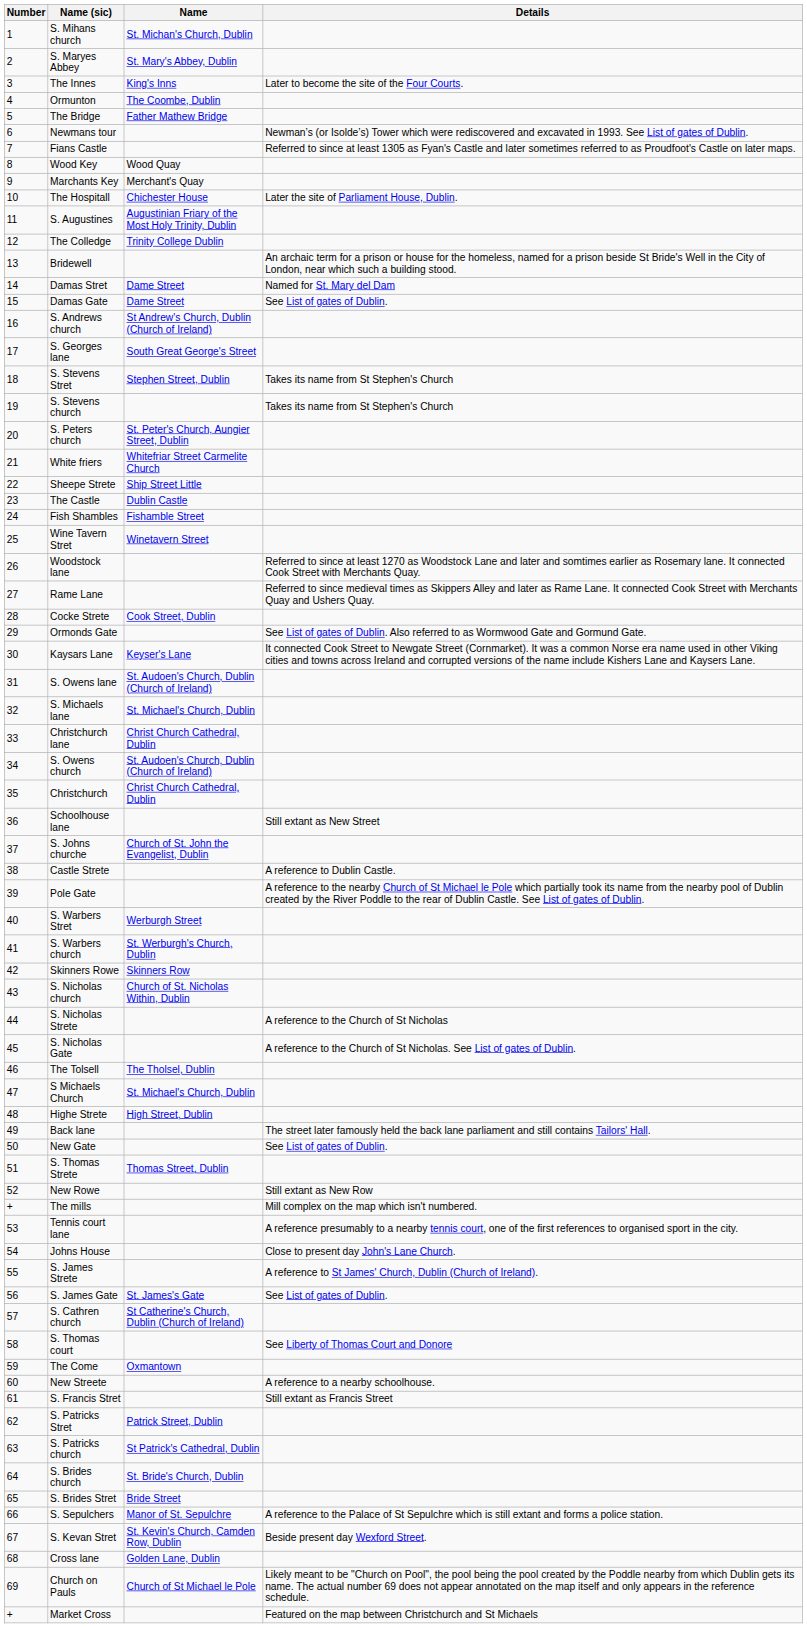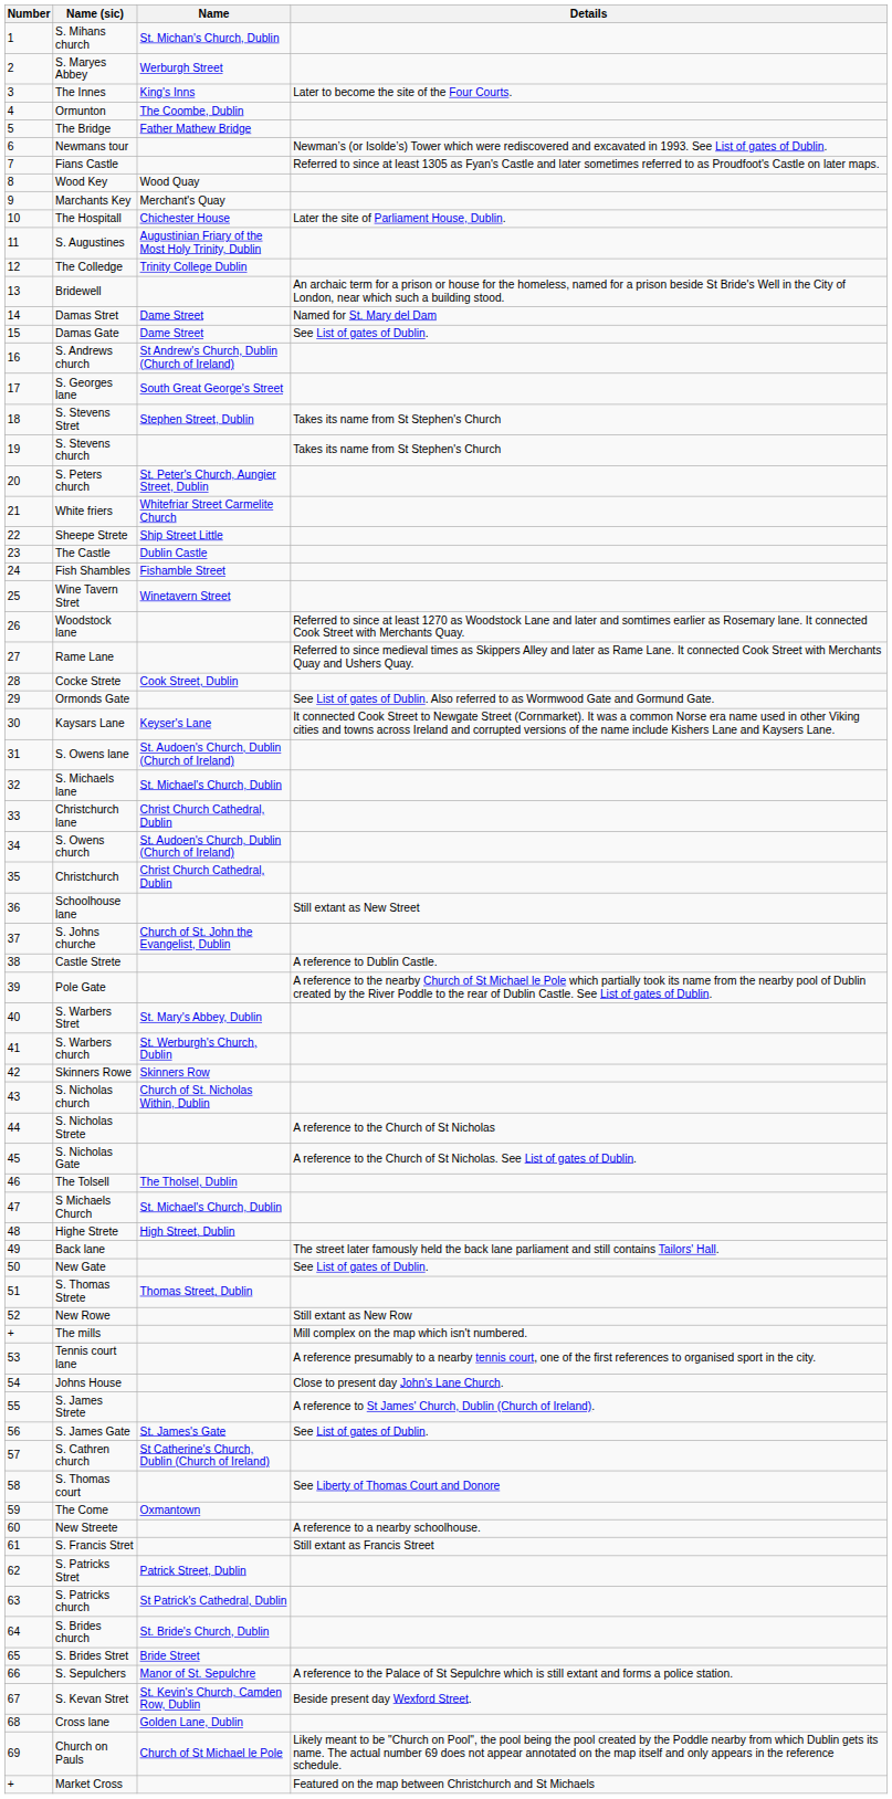 <table class="wikitable sortable">
 <tr>
 <th>Number</th>
 <th>Name (sic)</th>
 <th>Name</th>
 <th>Details</th>
 </tr>
 <tr>
 <td>1</td>
 <td>S. Mihans church</td>
 <td><a href='#'>St. Michan's Church, Dublin</a></td>
 <td></td>
 </tr>
 <tr>
 <td>2</td>
 <td>S. Maryes Abbey</td>
-<td><a href='#'>St. Mary's Abbey, Dublin</a></td>
+<td><a href='#'>Werburgh Street</a></td>
 <td></td>
 </tr>
 <tr>
 <td>3</td>
 <td>The Innes</td>
 <td><a href='#'>King's Inns</a></td>
 <td>Later to become the site of the <a href='#'>Four Courts</a>.</td>
 </tr>
 <tr>
 <td>4</td>
 <td>Ormunton</td>
 <td><a href='#'>The Coombe, Dublin</a></td>
 <td></td>
 </tr>
 <tr>
 <td>5</td>
 <td>The Bridge</td>
 <td><a href='#'>Father Mathew Bridge</a></td>
 <td></td>
 </tr>
 <tr>
 <td>6</td>
 <td>Newmans tour</td>
 <td></td>
 <td>Newman’s (or Isolde’s) Tower which were rediscovered and excavated in 1993. See <a href='#'>List of gates of Dublin</a>.</td>
 </tr>
 <tr>
 <td>7</td>
 <td>Fians Castle</td>
 <td></td>
 <td>Referred to since at least 1305 as Fyan's Castle and later sometimes referred to as Proudfoot's Castle on later maps.</td>
 </tr>
 <tr>
 <td>8</td>
 <td>Wood Key</td>
 <td>Wood Quay</td>
 <td></td>
 </tr>
 <tr>
 <td>9</td>
 <td>Marchants Key</td>
 <td>Merchant's Quay</td>
 <td></td>
 </tr>
 <tr>
 <td>10</td>
 <td>The Hospitall</td>
 <td><a href='#'>Chichester House</a></td>
 <td>Later the site of <a href='#'>Parliament House, Dublin</a>.</td>
 </tr>
 <tr>
 <td>11</td>
 <td>S. Augustines</td>
 <td><a href='#'>Augustinian Friary of the Most Holy Trinity, Dublin</a></td>
 <td></td>
 </tr>
 <tr>
 <td>12</td>
 <td>The Colledge</td>
 <td><a href='#'>Trinity College Dublin</a></td>
 <td></td>
 </tr>
 <tr>
 <td>13</td>
 <td>Bridewell</td>
 <td></td>
 <td>An archaic term for a prison or house for the homeless, named for a prison beside St Bride's Well in the City of London, near which such a building stood.</td>
 </tr>
 <tr>
 <td>14</td>
 <td>Damas Stret</td>
 <td><a href='#'>Dame Street</a></td>
 <td>Named for <a href='#'>St. Mary del Dam</a></td>
 </tr>
 <tr>
 <td>15</td>
 <td>Damas Gate</td>
 <td><a href='#'>Dame Street</a></td>
 <td>See <a href='#'>List of gates of Dublin</a>.</td>
 </tr>
 <tr>
 <td>16</td>
 <td>S. Andrews church</td>
 <td><a href='#'>St Andrew's Church, Dublin (Church of Ireland)</a></td>
 <td></td>
 </tr>
 <tr>
 <td>17</td>
 <td>S. Georges lane</td>
 <td><a href='#'>South Great George's Street</a></td>
 <td></td>
 </tr>
 <tr>
 <td>18</td>
 <td>S. Stevens Stret</td>
 <td><a href='#'>Stephen Street, Dublin</a></td>
 <td>Takes its name from St Stephen's Church</td>
 </tr>
 <tr>
 <td>19</td>
 <td>S. Stevens church</td>
 <td></td>
 <td>Takes its name from St Stephen's Church</td>
 </tr>
 <tr>
 <td>20</td>
 <td>S. Peters church</td>
 <td><a href='#'>St. Peter's Church, Aungier Street, Dublin</a></td>
 <td></td>
 </tr>
 <tr>
 <td>21</td>
 <td>White friers</td>
 <td><a href='#'>Whitefriar Street Carmelite Church</a></td>
 <td></td>
 </tr>
 <tr>
 <td>22</td>
 <td>Sheepe Strete</td>
 <td><a href='#'>Ship Street Little</a></td>
 <td></td>
 </tr>
 <tr>
 <td>23</td>
 <td>The Castle</td>
 <td><a href='#'>Dublin Castle</a></td>
 <td></td>
 </tr>
 <tr>
 <td>24</td>
 <td>Fish Shambles</td>
 <td><a href='#'>Fishamble Street</a></td>
 <td></td>
 </tr>
 <tr>
 <td>25</td>
 <td>Wine Tavern Stret</td>
 <td><a href='#'>Winetavern Street</a></td>
 <td></td>
 </tr>
 <tr>
 <td>26</td>
 <td>Woodstock lane</td>
 <td></td>
 <td>Referred to since at least 1270 as Woodstock Lane and later and somtimes earlier as Rosemary lane. It connected Cook Street with Merchants Quay.</td>
 </tr>
 <tr>
 <td>27</td>
 <td>Rame Lane</td>
 <td></td>
 <td>Referred to since medieval times as Skippers Alley and later as Rame Lane. It connected Cook Street with Merchants Quay and Ushers Quay.</td>
 </tr>
 <tr>
 <td>28</td>
 <td>Cocke Strete</td>
 <td><a href='#'>Cook Street, Dublin</a></td>
 <td></td>
 </tr>
 <tr>
 <td>29</td>
 <td>Ormonds Gate</td>
 <td></td>
 <td>See <a href='#'>List of gates of Dublin</a>. Also referred to as Wormwood Gate and Gormund Gate.</td>
 </tr>
 <tr>
 <td>30</td>
 <td>Kaysars Lane</td>
 <td><a href='#'>Keyser's Lane</a></td>
 <td>It connected Cook Street to Newgate Street (Cornmarket). It was a common Norse era name used in other Viking cities and towns across Ireland and corrupted versions of the name include Kishers Lane and Kaysers Lane.</td>
 </tr>
 <tr>
 <td>31</td>
 <td>S. Owens lane</td>
 <td><a href='#'>St. Audoen's Church, Dublin (Church of Ireland)</a></td>
 <td></td>
 </tr>
 <tr>
 <td>32</td>
 <td>S. Michaels lane</td>
 <td><a href='#'>St. Michael's Church, Dublin</a></td>
 <td></td>
 </tr>
 <tr>
 <td>33</td>
 <td>Christchurch lane</td>
 <td><a href='#'>Christ Church Cathedral, Dublin</a></td>
 <td></td>
 </tr>
 <tr>
 <td>34</td>
 <td>S. Owens church</td>
 <td><a href='#'>St. Audoen's Church, Dublin (Church of Ireland)</a></td>
 <td></td>
 </tr>
 <tr>
 <td>35</td>
 <td>Christchurch</td>
 <td><a href='#'>Christ Church Cathedral, Dublin</a></td>
 <td></td>
 </tr>
 <tr>
 <td>36</td>
 <td>Schoolhouse lane</td>
 <td></td>
 <td>Still extant as New Street</td>
 </tr>
 <tr>
 <td>37</td>
 <td>S. Johns churche</td>
 <td><a href='#'>Church of St. John the Evangelist, Dublin</a></td>
 <td></td>
 </tr>
 <tr>
 <td>38</td>
 <td>Castle Strete</td>
 <td></td>
 <td>A reference to Dublin Castle.</td>
 </tr>
 <tr>
 <td>39</td>
 <td>Pole Gate</td>
 <td></td>
 <td>A reference to the nearby <a href='#'>Church of St Michael le Pole</a> which partially took its name from the nearby pool of Dublin created by the River Poddle to the rear of Dublin Castle. See <a href='#'>List of gates of Dublin</a>.</td>
 </tr>
 <tr>
 <td>40</td>
 <td>S. Warbers Stret</td>
-<td><a href='#'>Werburgh Street</a></td>
+<td><a href='#'>St. Mary's Abbey, Dublin</a></td>
 <td></td>
 </tr>
 <tr>
 <td>41</td>
 <td>S. Warbers church</td>
 <td><a href='#'>St. Werburgh's Church, Dublin</a></td>
 <td></td>
 </tr>
 <tr>
 <td>42</td>
 <td>Skinners Rowe</td>
 <td><a href='#'>Skinners Row</a></td>
 <td></td>
 </tr>
 <tr>
 <td>43</td>
 <td>S. Nicholas church</td>
 <td><a href='#'>Church of St. Nicholas Within, Dublin</a></td>
 <td></td>
 </tr>
 <tr>
 <td>44</td>
 <td>S. Nicholas Strete</td>
 <td></td>
 <td>A reference to the Church of St Nicholas</td>
 </tr>
 <tr>
 <td>45</td>
 <td>S. Nicholas Gate</td>
 <td></td>
 <td>A reference to the Church of St Nicholas. See <a href='#'>List of gates of Dublin</a>.</td>
 </tr>
 <tr>
 <td>46</td>
 <td>The Tolsell</td>
 <td><a href='#'>The Tholsel, Dublin</a></td>
 <td></td>
 </tr>
 <tr>
 <td>47</td>
 <td>S Michaels Church</td>
 <td><a href='#'>St. Michael's Church, Dublin</a></td>
 <td></td>
 </tr>
 <tr>
 <td>48</td>
 <td>Highe Strete</td>
 <td><a href='#'>High Street, Dublin</a></td>
 <td></td>
 </tr>
 <tr>
 <td>49</td>
 <td>Back lane</td>
 <td></td>
 <td>The street later famously held the back lane parliament and still contains <a href='#'>Tailors' Hall</a>.</td>
 </tr>
 <tr>
 <td>50</td>
 <td>New Gate</td>
 <td></td>
 <td>See <a href='#'>List of gates of Dublin</a>.</td>
 </tr>
 <tr>
 <td>51</td>
 <td>S. Thomas Strete</td>
 <td><a href='#'>Thomas Street, Dublin</a></td>
 <td></td>
 </tr>
 <tr>
 <td>52</td>
 <td>New Rowe</td>
 <td></td>
 <td>Still extant as New Row</td>
 </tr>
 <tr>
 <td>+</td>
 <td>The mills</td>
 <td></td>
 <td>Mill complex on the map which isn't numbered.</td>
 </tr>
 <tr>
 <td>53</td>
 <td>Tennis court lane</td>
 <td></td>
 <td>A reference presumably to a nearby <a href='#'>tennis court</a>, one of the first references to organised sport in the city.</td>
 </tr>
 <tr>
 <td>54</td>
 <td>Johns House</td>
 <td></td>
 <td>Close to present day <a href='#'>John's Lane Church</a>.</td>
 </tr>
 <tr>
 <td>55</td>
 <td>S. James Strete</td>
 <td></td>
 <td>A reference to <a href='#'>St James' Church, Dublin (Church of Ireland)</a>.</td>
 </tr>
 <tr>
 <td>56</td>
 <td>S. James Gate</td>
 <td><a href='#'>St. James's Gate</a></td>
 <td>See <a href='#'>List of gates of Dublin</a>.</td>
 </tr>
 <tr>
 <td>57</td>
 <td>S. Cathren church</td>
 <td><a href='#'>St Catherine's Church, Dublin (Church of Ireland)</a></td>
 <td></td>
 </tr>
 <tr>
 <td>58</td>
 <td>S. Thomas court</td>
 <td></td>
 <td>See <a href='#'>Liberty of Thomas Court and Donore</a></td>
 </tr>
 <tr>
 <td>59</td>
 <td>The Come</td>
 <td><a href='#'>Oxmantown</a></td>
 <td></td>
 </tr>
 <tr>
 <td>60</td>
 <td>New Streete</td>
 <td></td>
 <td>A reference to a nearby schoolhouse.</td>
 </tr>
 <tr>
 <td>61</td>
 <td>S. Francis Stret</td>
 <td></td>
 <td>Still extant as Francis Street</td>
 </tr>
 <tr>
 <td>62</td>
 <td>S. Patricks Stret</td>
 <td><a href='#'>Patrick Street, Dublin</a></td>
 <td></td>
 </tr>
 <tr>
 <td>63</td>
 <td>S. Patricks church</td>
 <td><a href='#'>St Patrick's Cathedral, Dublin</a></td>
 <td></td>
 </tr>
 <tr>
 <td>64</td>
 <td>S. Brides church</td>
 <td><a href='#'>St. Bride's Church, Dublin</a></td>
 <td></td>
 </tr>
 <tr>
 <td>65</td>
 <td>S. Brides Stret</td>
 <td><a href='#'>Bride Street</a></td>
 <td></td>
 </tr>
 <tr>
 <td>66</td>
 <td>S. Sepulchers</td>
 <td><a href='#'>Manor of St. Sepulchre</a></td>
 <td>A reference to the Palace of St Sepulchre which is still extant and forms a police station.</td>
 </tr>
 <tr>
 <td>67</td>
 <td>S. Kevan Stret</td>
 <td><a href='#'>St. Kevin's Church, Camden Row, Dublin</a></td>
 <td>Beside present day <a href='#'>Wexford Street</a>.</td>
 </tr>
 <tr>
 <td>68</td>
 <td>Cross lane</td>
 <td><a href='#'>Golden Lane, Dublin</a></td>
 <td></td>
 </tr>
 <tr>
 <td>69</td>
 <td>Church on Pauls</td>
 <td><a href='#'>Church of St Michael le Pole</a></td>
 <td>Likely meant to be "Church on Pool", the pool being the pool created by the Poddle nearby from which Dublin gets its name. The actual number 69 does not appear annotated on the map itself and only appears in the reference schedule.</td>
 </tr>
 <tr>
 <td>+</td>
 <td>Market Cross</td>
 <td></td>
 <td>Featured on the map between Christchurch and St Michaels</td>
 </tr>
 </table>
